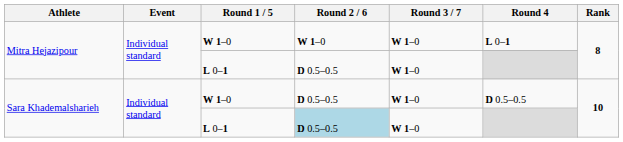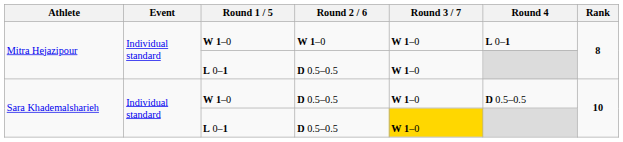 <table class="wikitable" width="98%" style="text-align:left; font-size:90%">
 <tr>
 <th width="10%">Athlete</th>
 <th width="7%">Event</th>
 <th width="9%">Round 1 / 5</th>
 <th width="9%">Round 2 / 6</th>
 <th width="9%">Round 3 / 7</th>
 <th width="9%">Round 4</th>
 <th width="3%">Rank</th>
 </tr>
 <tr>
 <td rowspan=2><a href='#'>Mitra Hejazipour</a></td>
 <td rowspan=2><a href='#'>Individual standard</a></td>
 <td><br><strong>W</strong> <strong>1</strong>–0</td>
 <td><br><strong>W</strong> <strong>1</strong>–0</td>
 <td><br><strong>W</strong> <strong>1</strong>–0</td>
 <td><br><strong>L</strong> 0–<strong>1</strong></td>
 <td rowspan=2 align=center><strong>8</strong></td>
 </tr>
 <tr>
 <td><br><strong>L</strong> 0–<strong>1</strong></td>
 <td><br><strong>D</strong> 0.5–0.5</td>
 <td><br><strong>W</strong> <strong>1</strong>–0</td>
 <td bgcolor=#DCDCDC></td>
 </tr>
 <tr>
 <td rowspan=2><a href='#'>Sara Khademalsharieh</a></td>
 <td rowspan=2><a href='#'>Individual standard</a></td>
 <td><br><strong>W</strong> <strong>1</strong>–0</td>
 <td><br><strong>D</strong> 0.5–0.5</td>
 <td><br><strong>W</strong> <strong>1</strong>–0</td>
 <td><br><strong>D</strong> 0.5–0.5</td>
 <td rowspan=2 align=center><strong>10</strong></td>
 </tr>
 <tr>
 <td><br><strong>L</strong> 0–<strong>1</strong></td>
-<td style="background: lightblue;"><br><strong>D</strong> 0.5–0.5</td>
-<td><br><strong>W</strong> <strong>1</strong>–0</td>
+<td><br><strong>D</strong> 0.5–0.5</td>
+<td style="background: gold;"><br><strong>W</strong> <strong>1</strong>–0</td>
 <td bgcolor=#DCDCDC></td>
 </tr>
 </table>
